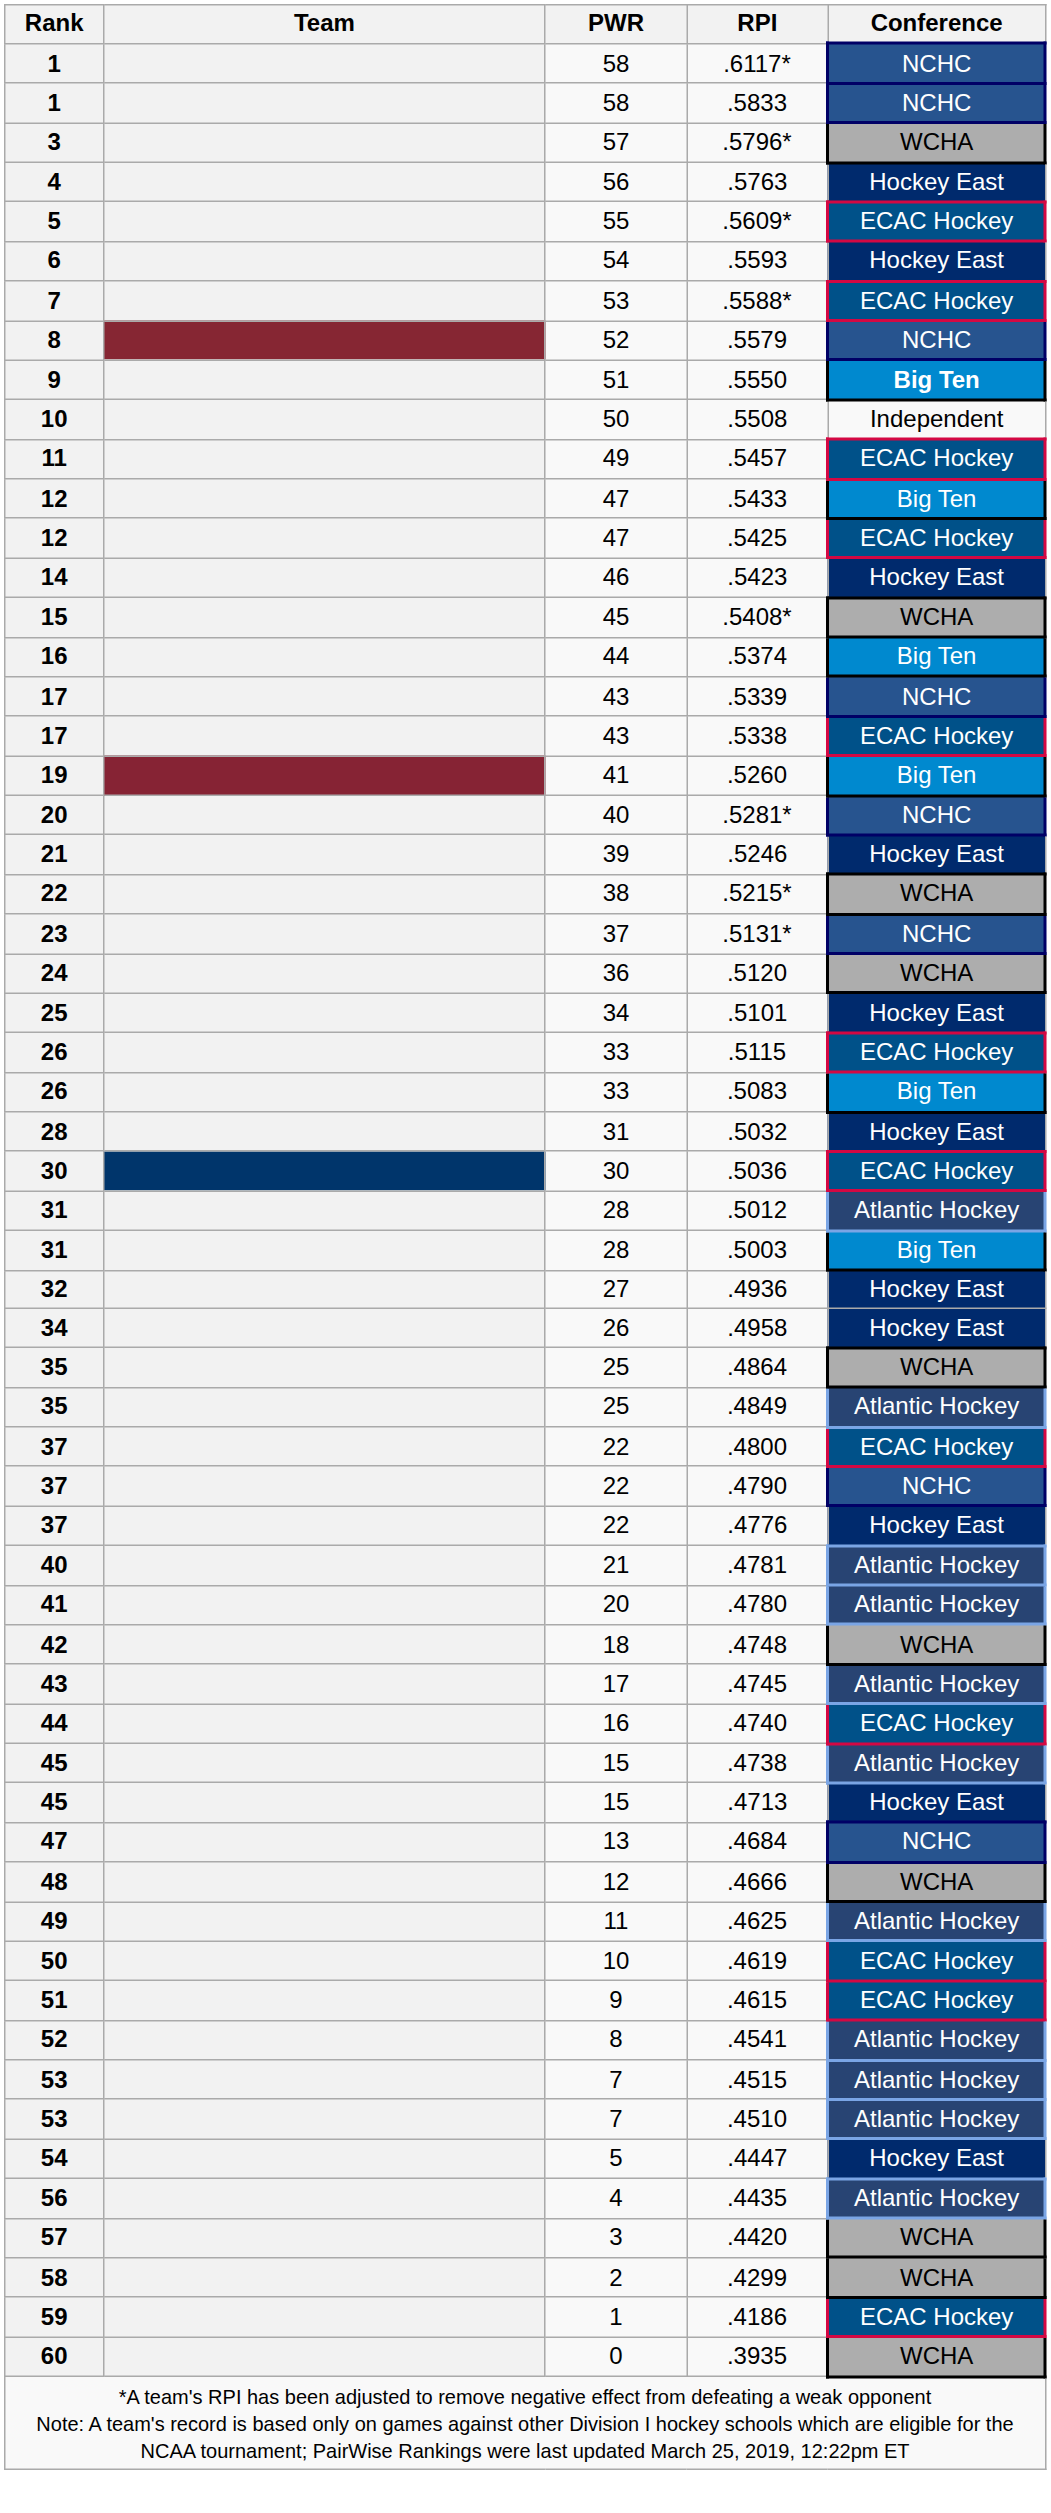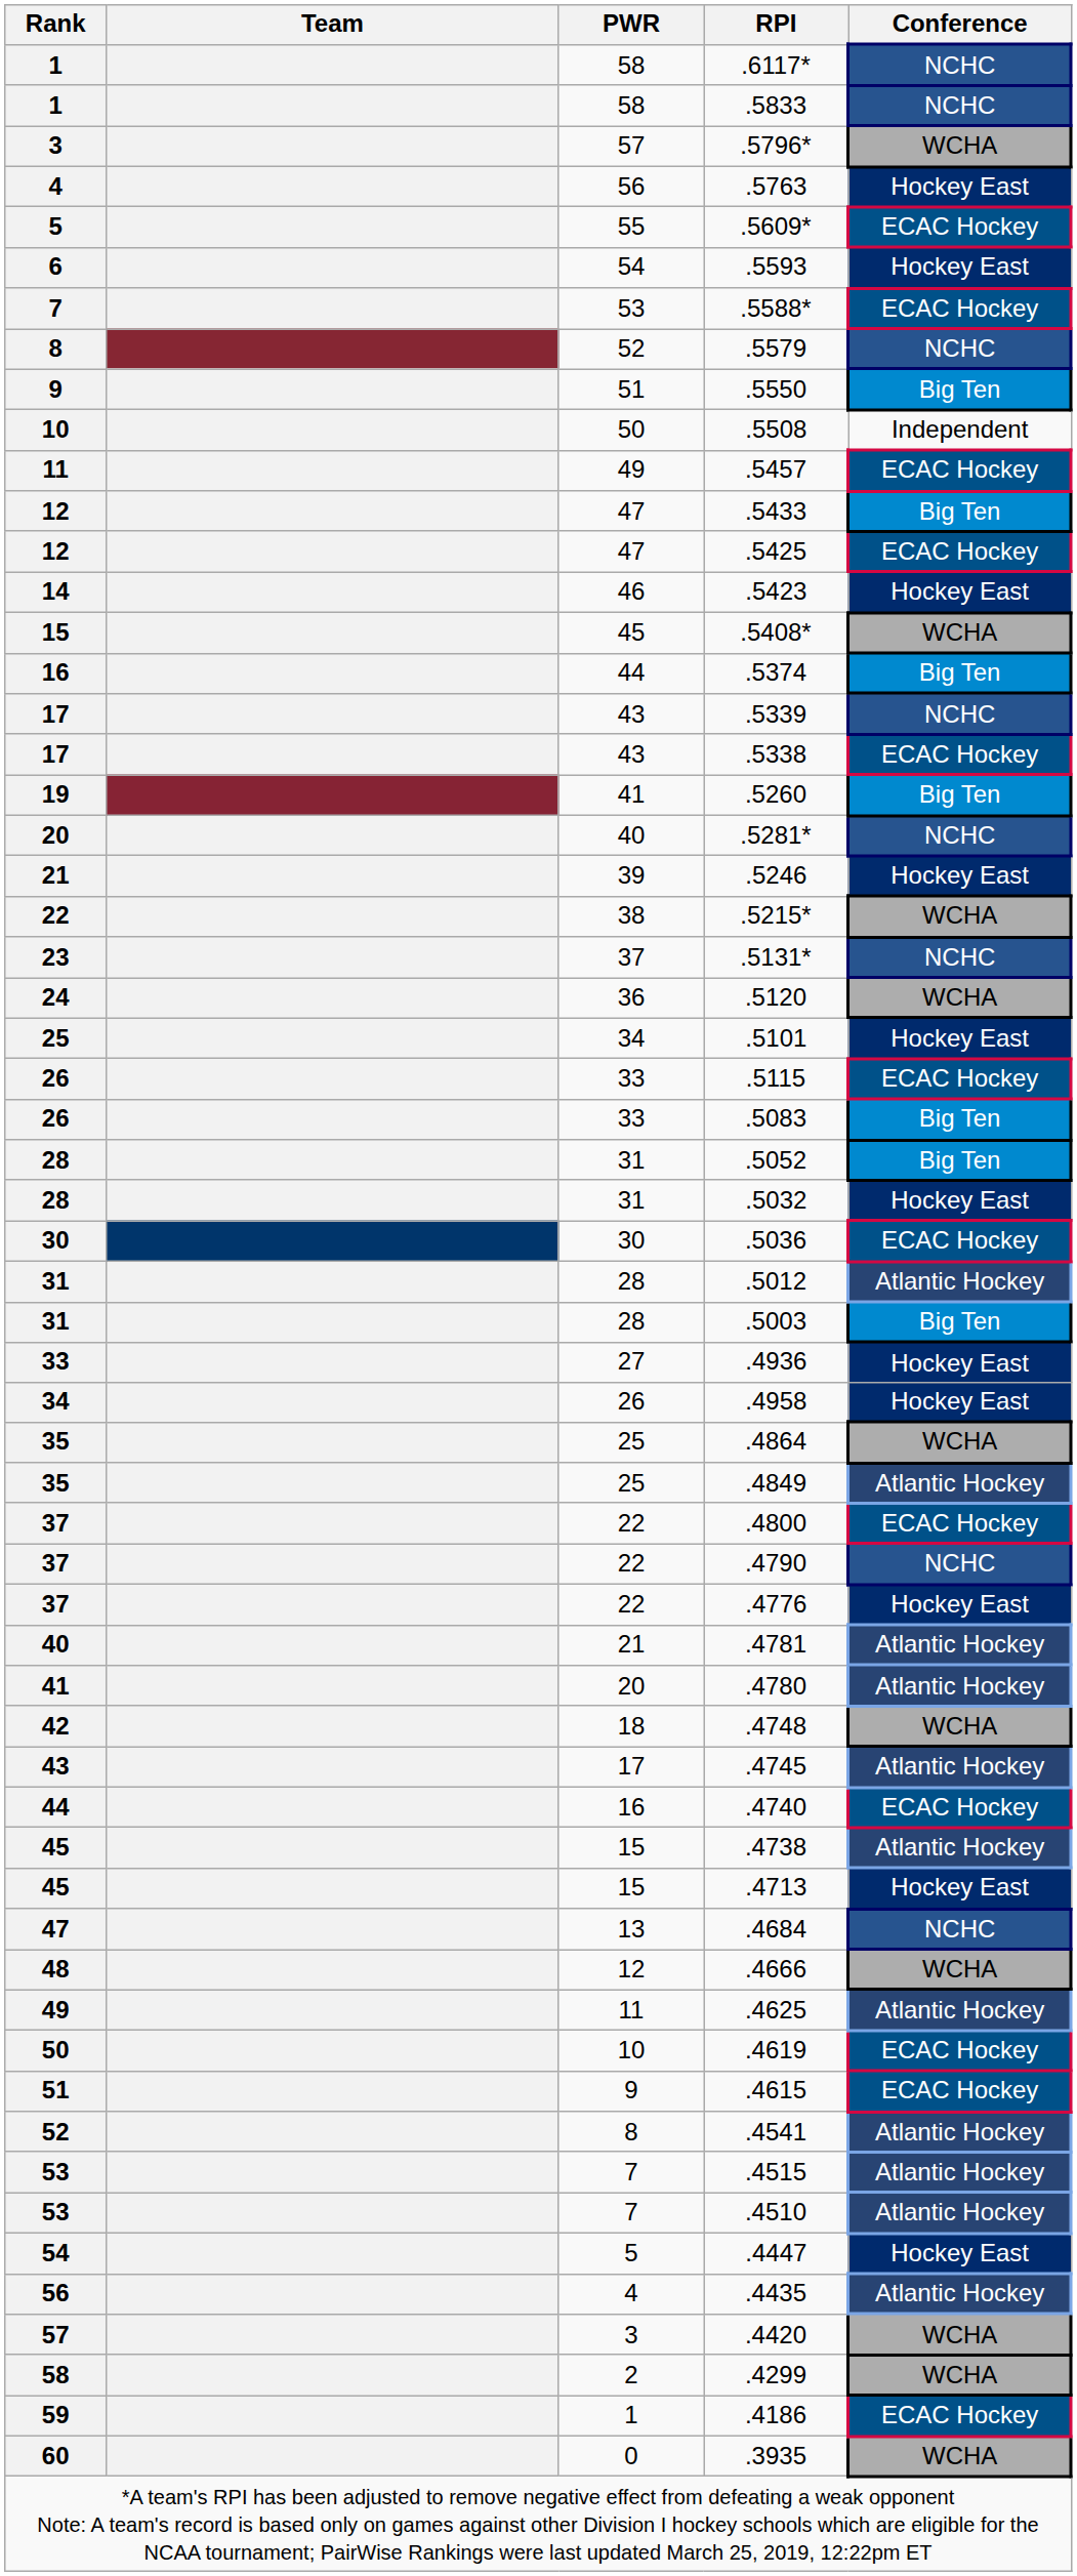 <table class="wikitable sortable"  style="text-align:center; width:55%;">
 <tr>
 <th ! style="width:4%;">Rank</th>
 <th ! style="width:25%;">Team</th>
 <th ! style="width:8%;">PWR</th>
 <th ! style="width:8%;">RPI</th>
 <th ! style="width:10%;">Conference</th>
 </tr>
 <tr>
 <th>1</th>
 <th align=center><strong><a href='#'></a></strong></th>
 <td>58</td>
 <td>.6117*</td>
 <td style="background:#27548f; color:#fff; border:2px solid #006;">NCHC</td>
 </tr>
 <tr>
 <th>1</th>
 <th align=center><strong><a href='#'></a></strong></th>
 <td>58</td>
 <td>.5833</td>
 <td style="background:#27548f; color:#fff; border:2px solid #006;">NCHC</td>
 </tr>
 <tr>
 <th>3</th>
 <th align=center><strong><a href='#'></a></strong></th>
 <td>57</td>
 <td>.5796*</td>
 <td style="background:#adadad; color:#000; border:2px solid #000;">WCHA</td>
 </tr>
 <tr>
 <th>4</th>
 <th align=center><strong><a href='#'></a></strong></th>
 <td>56</td>
 <td>.5763</td>
 <td style="background:#002a6d; color:#fff;">Hockey East</td>
 </tr>
 <tr>
 <th>5</th>
 <th align=center><strong><a href='#'></a></strong></th>
 <td>55</td>
 <td>.5609*</td>
 <td style="background:#005189; color:#fff; border:2px solid #d40843;">ECAC Hockey</td>
 </tr>
 <tr>
 <th>6</th>
 <th align=center><strong><a href='#'></a></strong></th>
 <td>54</td>
 <td>.5593</td>
 <td style="background:#002a6d; color:#fff;">Hockey East</td>
 </tr>
 <tr>
 <th>7</th>
 <th align=center><strong><a href='#'></a></strong></th>
 <td>53</td>
 <td>.5588*</td>
 <td style="background:#005189; color:#fff; border:2px solid #d40843;">ECAC Hockey</td>
 </tr>
 <tr>
 <th>8</th>
 <th align=center style="color:white; background:#862633; "><strong><a href='#'></a></strong></th>
 <td>52</td>
 <td>.5579</td>
 <td style="background:#27548f; color:#fff; border:2px solid #006;">NCHC</td>
 </tr>
 <tr>
 <th>9</th>
 <th align=center><strong><a href='#'></a></strong></th>
 <td>51</td>
 <td>.5550</td>
-<td style="background:#0089cf; color:#fff; border:2px solid #000;"><strong>Big Ten</strong></td>
+<td style="background:#0089cf; color:#fff; border:2px solid #000;">Big Ten</td>
 </tr>
 <tr>
 <th>10</th>
 <th align=center><strong><a href='#'></a></strong></th>
 <td>50</td>
 <td>.5508</td>
 <td>Independent</td>
 </tr>
 <tr>
 <th>11</th>
 <th align=center><strong><a href='#'></a></strong></th>
 <td>49</td>
 <td>.5457</td>
 <td style="background:#005189; color:#fff; border:2px solid #d40843;">ECAC Hockey</td>
 </tr>
 <tr>
 <th>12</th>
 <th align=center><strong><a href='#'></a></strong></th>
 <td>47</td>
 <td>.5433</td>
 <td style="background:#0089cf; color:#fff; border:2px solid #000;">Big Ten</td>
 </tr>
 <tr>
 <th>12</th>
 <th align=center><strong><a href='#'></a></strong></th>
 <td>47</td>
 <td>.5425</td>
 <td style="background:#005189; color:#fff; border:2px solid #d40843;">ECAC Hockey</td>
 </tr>
 <tr>
 <th>14</th>
 <th align=center><strong><a href='#'></a></strong></th>
 <td>46</td>
 <td>.5423</td>
 <td style="background:#002a6d; color:#fff;">Hockey East</td>
 </tr>
 <tr>
 <th>15</th>
 <th align=center><strong><a href='#'></a></strong></th>
 <td>45</td>
 <td>.5408*</td>
 <td style="background:#adadad; color:#000; border:2px solid #000;">WCHA</td>
 </tr>
 <tr>
 <th>16</th>
 <th align=center><strong><a href='#'></a></strong></th>
 <td>44</td>
 <td>.5374</td>
 <td style="background:#0089cf; color:#fff; border:2px solid #000;">Big Ten</td>
 </tr>
 <tr>
 <th>17</th>
 <th align=center><strong><a href='#'></a></strong></th>
 <td>43</td>
 <td>.5339</td>
 <td style="background:#27548f; color:#fff; border:2px solid #006;">NCHC</td>
 </tr>
 <tr>
 <th>17</th>
 <th align=center><strong><a href='#'></a></strong></th>
 <td>43</td>
 <td>.5338</td>
 <td style="background:#005189; color:#fff; border:2px solid #d40843;">ECAC Hockey</td>
 </tr>
 <tr>
 <th>19</th>
 <th align=center style="color:white; background:#862334; "><strong><a href='#'></a></strong></th>
 <td>41</td>
 <td>.5260</td>
 <td style="background:#0089cf; color:#fff; border:2px solid #000;">Big Ten</td>
 </tr>
 <tr>
 <th>20</th>
 <th align=center><strong><a href='#'></a></strong></th>
 <td>40</td>
 <td>.5281*</td>
 <td style="background:#27548f; color:#fff; border:2px solid #006;">NCHC</td>
 </tr>
 <tr>
 <th>21</th>
 <th align=center><strong><a href='#'></a></strong></th>
 <td>39</td>
 <td>.5246</td>
 <td style="background:#002a6d; color:#fff;">Hockey East</td>
 </tr>
 <tr>
 <th>22</th>
 <th align=center><strong><a href='#'></a></strong></th>
 <td>38</td>
 <td>.5215*</td>
 <td style="background:#adadad; color:#000; border:2px solid #000;">WCHA</td>
 </tr>
 <tr>
 <th>23</th>
 <th align=center><strong><a href='#'></a></strong></th>
 <td>37</td>
 <td>.5131*</td>
 <td style="background:#27548f; color:#fff; border:2px solid #006;">NCHC</td>
 </tr>
 <tr>
 <th>24</th>
 <th align=center><strong><a href='#'></a></strong></th>
 <td>36</td>
 <td>.5120</td>
 <td style="background:#adadad; color:#000; border:2px solid #000;">WCHA</td>
 </tr>
 <tr>
 <th>25</th>
 <th align=center><strong><a href='#'></a></strong></th>
 <td>34</td>
 <td>.5101</td>
 <td style="background:#002a6d; color:#fff;">Hockey East</td>
 </tr>
 <tr>
 <th>26</th>
 <th align=center><strong><a href='#'></a></strong></th>
 <td>33</td>
 <td>.5115</td>
 <td style="background:#005189; color:#fff; border:2px solid #d40843;">ECAC Hockey</td>
 </tr>
 <tr>
 <th>26</th>
 <th align=center><strong><a href='#'></a></strong></th>
 <td>33</td>
 <td>.5083</td>
 <td style="background:#0089cf; color:#fff; border:2px solid #000;">Big Ten</td>
 </tr>
 <tr>
 <th>28</th>
 <th align=center><strong><a href='#'></a></strong></th>
 <td>31</td>
+<td>.5052</td>
+<td style="background:#0089cf; color:#fff; border:2px solid #000;">Big Ten</td>
+</tr>
+<tr>
+<th>28</th>
+<th align=center><strong><a href='#'></a></strong></th>
+<td>31</td>
 <td>.5032</td>
 <td style="background:#002a6d; color:#fff;">Hockey East</td>
 </tr>
 <tr>
 <th>30</th>
 <th align=center style="color:white; background:#00356B"><strong><a href='#'></a></strong></th>
 <td>30</td>
 <td>.5036</td>
 <td style="background:#005189; color:#fff; border:2px solid #d40843;">ECAC Hockey</td>
 </tr>
 <tr>
 <th>31</th>
 <th align=center><strong><a href='#'></a></strong></th>
 <td>28</td>
 <td>.5012</td>
 <td style="background:#284473; color:#fff; border:2px solid #7aa5e5;">Atlantic Hockey</td>
 </tr>
 <tr>
 <th>31</th>
 <th align=center><strong><a href='#'></a></strong></th>
 <td>28</td>
 <td>.5003</td>
 <td style="background:#0089cf; color:#fff; border:2px solid #000;">Big Ten</td>
 </tr>
 <tr>
-<th>32</th>
+<th>33</th>
 <th align=center><strong><a href='#'></a></strong></th>
 <td>27</td>
 <td>.4936</td>
 <td style="background:#002a6d; color:#fff;">Hockey East</td>
 </tr>
 <tr>
 <th>34</th>
 <th align=center><strong><a href='#'></a></strong></th>
 <td>26</td>
 <td>.4958</td>
 <td style="background:#002a6d; color:#fff;">Hockey East</td>
 </tr>
 <tr>
 <th>35</th>
 <th align=center><strong><a href='#'></a></strong></th>
 <td>25</td>
 <td>.4864</td>
 <td style="background:#adadad; color:#000; border:2px solid #000;">WCHA</td>
 </tr>
 <tr>
 <th>35</th>
 <th align=center><strong><a href='#'></a></strong></th>
 <td>25</td>
 <td>.4849</td>
 <td style="background:#284473; color:#fff; border:2px solid #7aa5e5;">Atlantic Hockey</td>
 </tr>
 <tr>
 <th>37</th>
 <th align=center><strong><a href='#'></a></strong></th>
 <td>22</td>
 <td>.4800</td>
 <td style="background:#005189; color:#fff; border:2px solid #d40843;">ECAC Hockey</td>
 </tr>
 <tr>
 <th>37</th>
 <th align=center><strong><a href='#'></a></strong></th>
 <td>22</td>
 <td>.4790</td>
 <td style="background:#27548f; color:#fff; border:2px solid #006;">NCHC</td>
 </tr>
 <tr>
 <th>37</th>
 <th align=center><strong><a href='#'></a></strong></th>
 <td>22</td>
 <td>.4776</td>
 <td style="background:#002a6d; color:#fff;">Hockey East</td>
 </tr>
 <tr>
 <th>40</th>
 <th align=center><strong><a href='#'></a></strong></th>
 <td>21</td>
 <td>.4781</td>
 <td style="background:#284473; color:#fff; border:2px solid #7aa5e5;">Atlantic Hockey</td>
 </tr>
 <tr>
 <th>41</th>
 <th align=center><strong><a href='#'></a></strong></th>
 <td>20</td>
 <td>.4780</td>
 <td style="background:#284473; color:#fff; border:2px solid #7aa5e5;">Atlantic Hockey</td>
 </tr>
 <tr>
 <th>42</th>
 <th align=center><strong><a href='#'></a></strong></th>
 <td>18</td>
 <td>.4748</td>
 <td style="background:#adadad; color:#000; border:2px solid #000;">WCHA</td>
 </tr>
 <tr>
 <th>43</th>
 <th align=center><strong><a href='#'></a></strong></th>
 <td>17</td>
 <td>.4745</td>
 <td style="background:#284473; color:#fff; border:2px solid #7aa5e5;">Atlantic Hockey</td>
 </tr>
 <tr>
 <th>44</th>
 <th align=center><strong><a href='#'></a></strong></th>
 <td>16</td>
 <td>.4740</td>
 <td style="background:#005189; color:#fff; border:2px solid #d40843;">ECAC Hockey</td>
 </tr>
 <tr>
 <th>45</th>
 <th align=center><strong><a href='#'></a></strong></th>
 <td>15</td>
 <td>.4738</td>
 <td style="background:#284473; color:#fff; border:2px solid #7aa5e5;">Atlantic Hockey</td>
 </tr>
 <tr>
 <th>45</th>
 <th align=center><strong><a href='#'></a></strong></th>
 <td>15</td>
 <td>.4713</td>
 <td style="background:#002a6d; color:#fff;">Hockey East</td>
 </tr>
 <tr>
 <th>47</th>
 <th align=center><strong><a href='#'></a></strong></th>
 <td>13</td>
 <td>.4684</td>
 <td style="background:#27548f; color:#fff; border:2px solid #006;">NCHC</td>
 </tr>
 <tr>
 <th>48</th>
 <th align=center><strong><a href='#'></a></strong></th>
 <td>12</td>
 <td>.4666</td>
 <td style="background:#adadad; color:#000; border:2px solid #000;">WCHA</td>
 </tr>
 <tr>
 <th>49</th>
 <th align=center><strong><a href='#'></a></strong></th>
 <td>11</td>
 <td>.4625</td>
 <td style="background:#284473; color:#fff; border:2px solid #7aa5e5;">Atlantic Hockey</td>
 </tr>
 <tr>
 <th>50</th>
 <th align=center><strong><a href='#'></a></strong></th>
 <td>10</td>
 <td>.4619</td>
 <td style="background:#005189; color:#fff; border:2px solid #d40843;">ECAC Hockey</td>
 </tr>
 <tr>
 <th>51</th>
 <th align=center><strong><a href='#'></a></strong></th>
 <td>9</td>
 <td>.4615</td>
 <td style="background:#005189; color:#fff; border:2px solid #d40843;">ECAC Hockey</td>
 </tr>
 <tr>
 <th>52</th>
 <th align=center><strong><a href='#'></a></strong></th>
 <td>8</td>
 <td>.4541</td>
 <td style="background:#284473; color:#fff; border:2px solid #7aa5e5;">Atlantic Hockey</td>
 </tr>
 <tr>
 <th>53</th>
 <th align=center><strong><a href='#'></a></strong></th>
 <td>7</td>
 <td>.4515</td>
 <td style="background:#284473; color:#fff; border:2px solid #7aa5e5;">Atlantic Hockey</td>
 </tr>
 <tr>
 <th>53</th>
 <th align=center><strong><a href='#'></a></strong></th>
 <td>7</td>
 <td>.4510</td>
 <td style="background:#284473; color:#fff; border:2px solid #7aa5e5;">Atlantic Hockey</td>
 </tr>
 <tr>
 <th>54</th>
 <th align=center><strong><a href='#'></a></strong></th>
 <td>5</td>
 <td>.4447</td>
 <td style="background:#002a6d; color:#fff;">Hockey East</td>
 </tr>
 <tr>
 <th>56</th>
 <th align=center><strong><a href='#'></a></strong></th>
 <td>4</td>
 <td>.4435</td>
 <td style="background:#284473; color:#fff; border:2px solid #7aa5e5;">Atlantic Hockey</td>
 </tr>
 <tr>
 <th>57</th>
 <th align=center><strong><a href='#'></a></strong></th>
 <td>3</td>
 <td>.4420</td>
 <td style="background:#adadad; color:#000; border:2px solid #000;">WCHA</td>
 </tr>
 <tr>
 <th>58</th>
 <th align=center><strong><a href='#'></a></strong></th>
 <td>2</td>
 <td>.4299</td>
 <td style="background:#adadad; color:#000; border:2px solid #000;">WCHA</td>
 </tr>
 <tr>
 <th>59</th>
 <th align=center><strong><a href='#'></a></strong></th>
 <td>1</td>
 <td>.4186</td>
 <td style="background:#005189; color:#fff; border:2px solid #d40843;">ECAC Hockey</td>
 </tr>
 <tr>
 <th>60</th>
 <th align=center><strong><a href='#'></a></strong></th>
 <td>0</td>
 <td>.3935</td>
 <td style="background:#adadad; color:#000; border:2px solid #000;">WCHA</td>
 </tr>
 <tr class="sortbottom">
 <td colspan=5 style="text-align:center;"><small> *A team's RPI has been adjusted to remove negative effect from defeating a weak opponent <br> Note: A team's record is based only on games against other Division I hockey schools which are eligible for the NCAA tournament; PairWise Rankings were last updated March 25, 2019, 12:22pm ET</small></td>
 </tr>
 </table>
